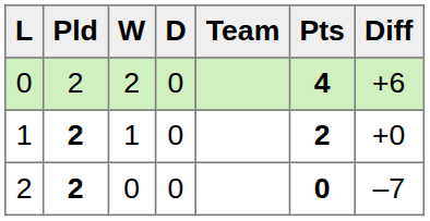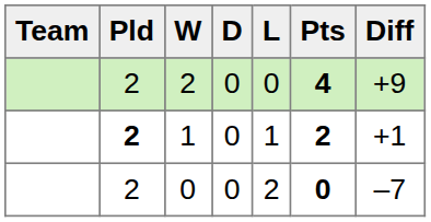 <table style=border-collapse:collapse border=1 cellspacing=0 cellpadding=5>
 <tr align=center bgcolor=#efefef>
-<th>L</th>
+<th>Team</th>
 <th>Pld</th>
 <th>W</th>
 <th>D</th>
-<th>Team</th>
+<th>L</th>
 <th>Pts</th>
 <th>Diff</th>
 </tr>
 <tr align=center style="background:#D0F0C0;">
-<td>0</td>
+<td style="text-align:left;"> </td>
 <td>2</td>
 <td>2</td>
 <td>0</td>
-<td style="text-align:left;"> </td>
+<td>0</td>
 <td><strong>4</strong></td>
-<td>+6</td>
+<td>+9</td>
 </tr>
 <tr align=center style="background:#FFFFFF;">
-<td>1</td>
+<td style="text-align:left;"> </td>
 <td><strong>2</strong></td>
 <td>1</td>
 <td>0</td>
-<td style="text-align:left;"> </td>
+<td>1</td>
 <td><strong>2</strong></td>
-<td>+0</td>
+<td>+1</td>
 </tr>
 <tr align=center style="background:#FFFFFF;">
+<td style="text-align:left;"> </td>
 <td>2</td>
-<td><strong>2</strong></td>
 <td>0</td>
 <td>0</td>
-<td style="text-align:left;"> </td>
+<td>2</td>
 <td><strong>0</strong></td>
 <td>–7</td>
 </tr>
 </table>
